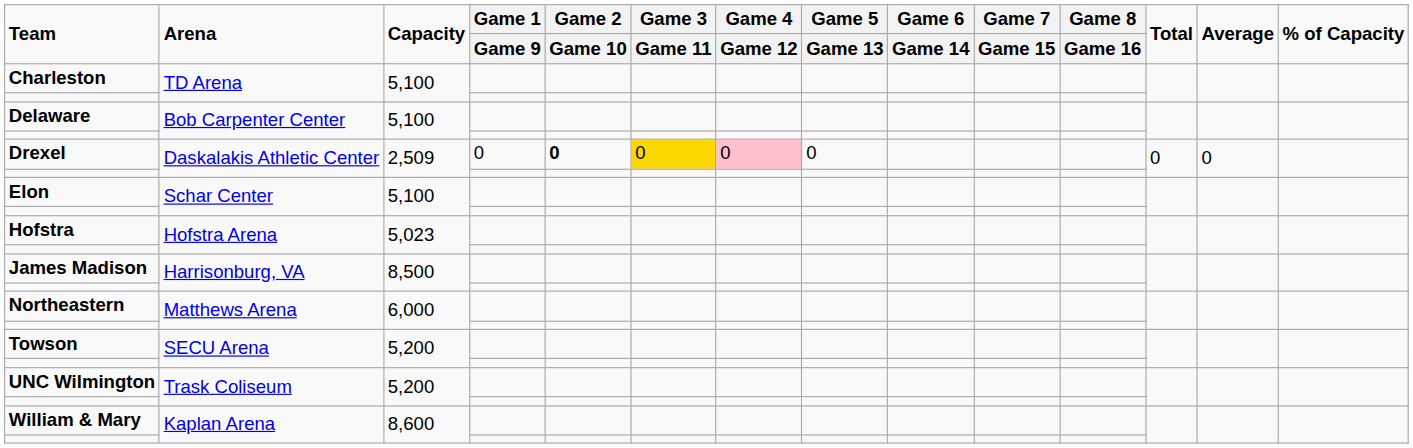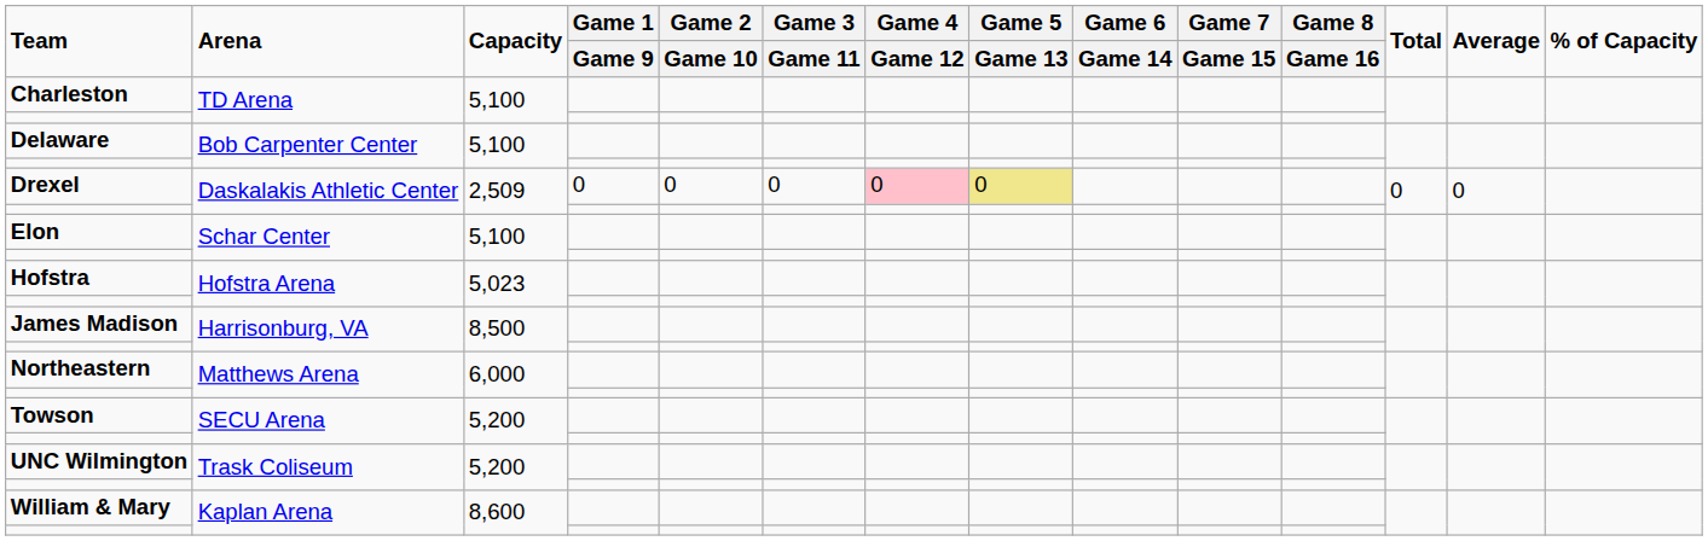 <table class="wikitable sortable">
 <tr>
 <td rowspan=2><strong>Team</strong></td>
 <td rowspan=2><strong>Arena</strong></td>
 <td rowspan=2><strong>Capacity</strong></td>
 <th>Game 1</th>
 <th>Game 2</th>
 <th>Game 3</th>
 <th>Game 4</th>
 <th>Game 5</th>
 <th>Game 6</th>
 <th>Game 7</th>
 <th>Game 8</th>
 <td rowspan=2><strong>Total</strong></td>
 <td rowspan=2><strong>Average</strong></td>
 <td rowspan=2><strong>% of Capacity</strong></td>
 </tr>
 <tr>
 <th>Game 9</th>
 <th>Game 10</th>
 <th>Game 11</th>
 <th>Game 12</th>
 <th>Game 13</th>
 <th>Game 14</th>
 <th>Game 15</th>
 <th>Game 16</th>
 </tr>
 <tr>
 <td style=><strong>Charleston</strong></td>
 <td rowspan=2><a href='#'>TD Arena</a></td>
 <td rowspan=2>5,100</td>
 <td></td>
 <td></td>
 <td></td>
 <td></td>
 <td></td>
 <td></td>
 <td></td>
 <td></td>
 <td rowspan=2></td>
 <td rowspan=2></td>
 <td rowspan=2></td>
 </tr>
 <tr>
 <td></td>
 <td></td>
 <td></td>
 <td></td>
 <td></td>
 <td></td>
 <td></td>
 <td></td>
 </tr>
 <tr>
 <td style=><strong>Delaware</strong></td>
 <td rowspan=2><a href='#'>Bob Carpenter Center</a></td>
 <td rowspan=2>5,100</td>
 <td></td>
 <td></td>
 <td></td>
 <td></td>
 <td></td>
 <td></td>
 <td></td>
 <td></td>
 <td rowspan=2></td>
 <td rowspan=2></td>
 <td rowspan=2></td>
 </tr>
 <tr>
 <td></td>
 <td></td>
 <td></td>
 <td></td>
 <td></td>
 <td></td>
 <td></td>
 <td></td>
 </tr>
 <tr>
 <td style=><strong>Drexel</strong></td>
 <td rowspan=2><a href='#'>Daskalakis Athletic Center</a></td>
 <td rowspan=2>2,509</td>
 <td>0</td>
-<td><strong>0</strong></td>
-<td style="background: gold;">0</td>
+<td>0</td>
+<td>0</td>
 <td style="background: pink;">0</td>
-<td>0</td>
+<td style="background: khaki;">0</td>
 <td></td>
 <td></td>
 <td></td>
 <td rowspan=2>0</td>
 <td rowspan=2>0</td>
 <td rowspan=2></td>
 </tr>
 <tr>
 <td></td>
 <td></td>
 <td></td>
 <td></td>
 <td></td>
 <td></td>
 <td></td>
 <td></td>
 </tr>
 <tr>
 <td style=><strong>Elon</strong></td>
 <td rowspan=2><a href='#'>Schar Center</a></td>
 <td rowspan=2>5,100</td>
 <td></td>
 <td></td>
 <td></td>
 <td></td>
 <td></td>
 <td></td>
 <td></td>
 <td></td>
 <td rowspan=2></td>
 <td rowspan=2></td>
 <td rowspan=2></td>
 </tr>
 <tr>
 <td></td>
 <td></td>
 <td></td>
 <td></td>
 <td></td>
 <td></td>
 <td></td>
 <td></td>
 </tr>
 <tr>
 <td style=><strong>Hofstra</strong></td>
 <td rowspan=2><a href='#'>Hofstra Arena</a></td>
 <td rowspan=2>5,023</td>
 <td></td>
 <td></td>
 <td></td>
 <td></td>
 <td></td>
 <td></td>
 <td></td>
 <td></td>
 <td rowspan=2></td>
 <td rowspan=2></td>
 <td rowspan=2></td>
 </tr>
 <tr>
 <td></td>
 <td></td>
 <td></td>
 <td></td>
 <td></td>
 <td></td>
 <td></td>
 <td></td>
 </tr>
 <tr>
 <td style=><strong>James Madison</strong></td>
 <td rowspan=2><a href='#'>Harrisonburg, VA</a></td>
 <td rowspan=2>8,500</td>
 <td></td>
 <td></td>
 <td></td>
 <td></td>
 <td></td>
 <td></td>
 <td></td>
 <td></td>
 <td rowspan=2></td>
 <td rowspan=2></td>
 <td rowspan=2></td>
 </tr>
 <tr>
 <td></td>
 <td></td>
 <td></td>
 <td></td>
 <td></td>
 <td></td>
 <td></td>
 <td></td>
 </tr>
 <tr>
 <td style=><strong>Northeastern</strong></td>
 <td rowspan=2><a href='#'>Matthews Arena</a></td>
 <td rowspan=2>6,000</td>
 <td></td>
 <td></td>
 <td></td>
 <td></td>
 <td></td>
 <td></td>
 <td></td>
 <td></td>
 <td rowspan=2></td>
 <td rowspan=2></td>
 <td rowspan=2></td>
 </tr>
 <tr>
 <td></td>
 <td></td>
 <td></td>
 <td></td>
 <td></td>
 <td></td>
 <td></td>
 <td></td>
 </tr>
 <tr>
 <td style=><strong>Towson</strong></td>
 <td rowspan=2><a href='#'>SECU Arena</a></td>
 <td rowspan=2>5,200</td>
 <td></td>
 <td></td>
 <td></td>
 <td></td>
 <td></td>
 <td></td>
 <td></td>
 <td></td>
 <td rowspan=2></td>
 <td rowspan=2></td>
 <td rowspan=2></td>
 </tr>
 <tr>
 <td></td>
 <td></td>
 <td></td>
 <td></td>
 <td></td>
 <td></td>
 <td></td>
 <td></td>
 </tr>
 <tr>
 <td style=><strong>UNC Wilmington</strong></td>
 <td rowspan=2><a href='#'>Trask Coliseum</a></td>
 <td rowspan=2>5,200</td>
 <td></td>
 <td></td>
 <td></td>
 <td></td>
 <td></td>
 <td></td>
 <td></td>
 <td></td>
 <td rowspan=2></td>
 <td rowspan=2></td>
 <td rowspan=2></td>
 </tr>
 <tr>
 <td></td>
 <td></td>
 <td></td>
 <td></td>
 <td></td>
 <td></td>
 <td></td>
 <td></td>
 </tr>
 <tr>
 <td style=><strong>William & Mary</strong></td>
 <td rowspan=2><a href='#'>Kaplan Arena</a></td>
 <td rowspan=2>8,600</td>
 <td></td>
 <td></td>
 <td></td>
 <td></td>
 <td></td>
 <td></td>
 <td></td>
 <td></td>
 <td rowspan=2></td>
 <td rowspan=2></td>
 <td rowspan=2></td>
 </tr>
 <tr>
 <td></td>
 <td></td>
 <td></td>
 <td></td>
 <td></td>
 <td></td>
 <td></td>
 <td></td>
 </tr>
 </table>
